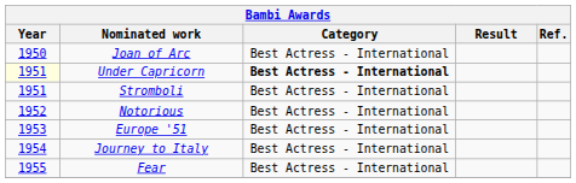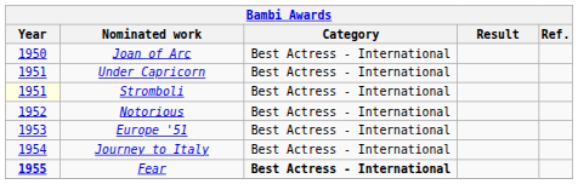 <table width="100%" class="wikitable">
 <tr>
 <th colspan="5" align="center"><a href='#'>Bambi Awards</a></th>
 </tr>
 <tr>
 <th width="10%">Year</th>
 <th width="35%">Nominated work</th>
 <th width="40%">Category</th>
 <th width="15%">Result</th>
 <th>Ref.</th>
 </tr>
 <tr>
 <td style="text-align:center;"><a href='#'>1950</a></td>
 <td style="text-align:center;"><em><a href='#'>Joan of Arc</a></em></td>
 <td style="text-align:center;">Best Actress - International</td>
 <td></td>
 <td style="text-align:center"></td>
 </tr>
 <tr>
-<td style="background: lightyellow; text-align:center;"><a href='#'>1951</a></td>
+<td style="text-align:center;"><a href='#'>1951</a></td>
 <td style="text-align:center;"><em><a href='#'>Under Capricorn</a></em></td>
-<td style="text-align:center;"><strong>Best Actress - International</strong></td>
+<td style="text-align:center;">Best Actress - International</td>
 <td></td>
 <td style="text-align:center"></td>
 </tr>
 <tr>
-<td style="text-align:center;"><a href='#'>1951</a></td>
+<td style="background: lightyellow; text-align:center;"><a href='#'>1951</a></td>
 <td style="text-align:center;"><em><a href='#'>Stromboli</a></em></td>
 <td style="text-align:center;">Best Actress - International</td>
 <td></td>
 <td style="text-align:center"></td>
 </tr>
 <tr>
 <td style="text-align:center;"><a href='#'>1952</a></td>
 <td style="text-align:center;"><em><a href='#'>Notorious</a></em></td>
 <td style="text-align:center;">Best Actress - International</td>
 <td></td>
 <td style="text-align:center"></td>
 </tr>
 <tr>
 <td style="text-align:center;"><a href='#'>1953</a></td>
 <td style="text-align:center;"><em><a href='#'>Europe '51</a></em></td>
 <td style="text-align:center;">Best Actress - International</td>
 <td></td>
 <td style="text-align:center"></td>
 </tr>
 <tr>
 <td style="text-align:center;"><a href='#'>1954</a></td>
 <td style="text-align:center;"><em><a href='#'>Journey to Italy</a></em></td>
 <td style="text-align:center;">Best Actress - International</td>
 <td></td>
 <td style="text-align:center"></td>
 </tr>
 <tr>
-<td style="text-align:center;"><a href='#'>1955</a></td>
+<td style="text-align:center;"><strong><a href='#'>1955</a></strong></td>
 <td style="text-align:center;"><em><a href='#'>Fear</a></em></td>
-<td style="text-align:center;">Best Actress - International</td>
+<td style="text-align:center;"><strong>Best Actress - International</strong></td>
 <td></td>
 <td style="text-align:center"></td>
 </tr>
 <tr>
 </tr>
 </table>
